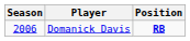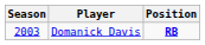 <table class="wikitable" style="text-align:center">
 <tr bgcolor="#efefef">
 <th>Season</th>
 <th>Player</th>
 <th>Position</th>
 </tr>
 <tr>
-<td><a href='#'>2006</a></td>
+<td><a href='#'>2003</a></td>
 <td><a href='#'>Domanick Davis</a></td>
 <td><strong><a href='#'>RB</a></strong></td>
 </tr>
 </table>
